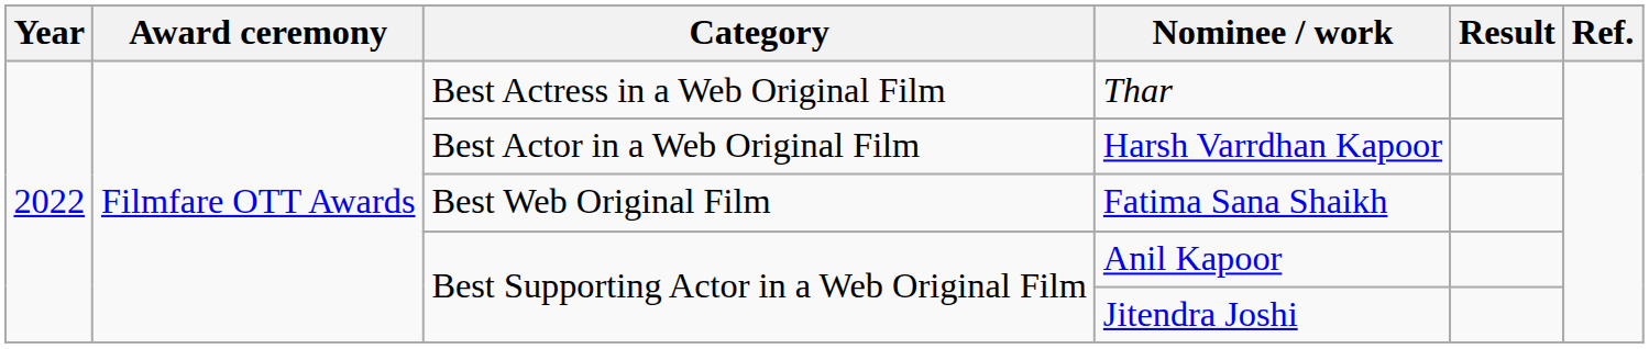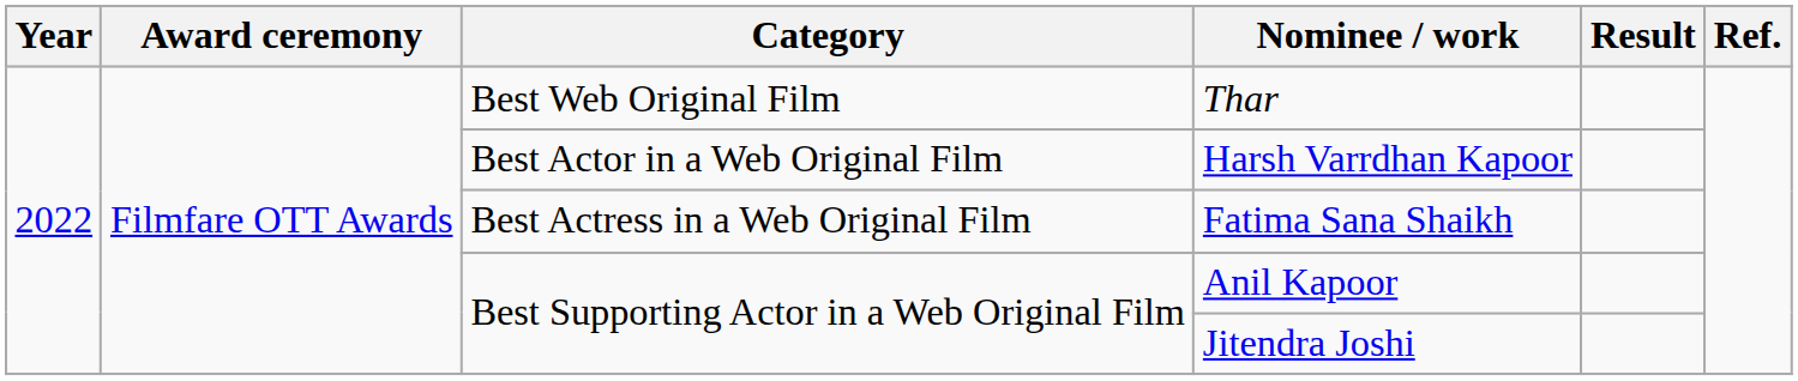 <table class="wikitable">
 <tr>
 <th>Year</th>
 <th>Award ceremony</th>
 <th>Category</th>
 <th>Nominee / work</th>
 <th>Result</th>
 <th>Ref.</th>
 </tr>
 <tr>
 <td rowspan="5"><a href='#'>2022</a></td>
 <td rowspan="5"><a href='#'>Filmfare OTT Awards</a></td>
-<td>Best Actress in a Web Original Film</td>
+<td>Best Web Original Film</td>
 <td><em>Thar</em></td>
 <td></td>
 <td rowspan="5"></td>
 </tr>
 <tr>
 <td>Best Actor in a Web Original Film</td>
 <td><a href='#'>Harsh Varrdhan Kapoor</a></td>
 <td></td>
 </tr>
 <tr>
-<td>Best Web Original Film</td>
+<td>Best Actress in a Web Original Film</td>
 <td><a href='#'>Fatima Sana Shaikh</a></td>
 <td></td>
 </tr>
 <tr>
 <td rowspan="2">Best Supporting Actor in a Web Original Film</td>
 <td><a href='#'>Anil Kapoor</a></td>
 <td></td>
 </tr>
 <tr>
 <td><a href='#'>Jitendra Joshi</a></td>
 <td></td>
 </tr>
 </table>
